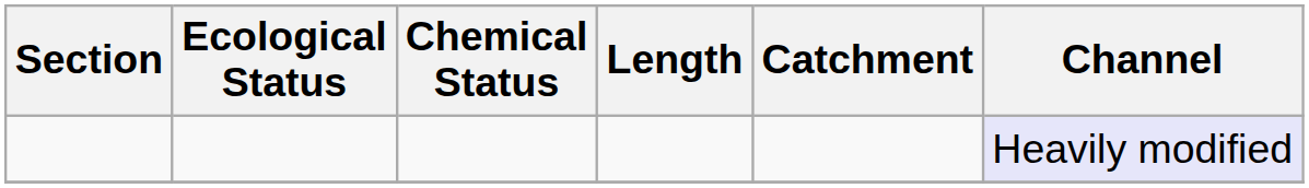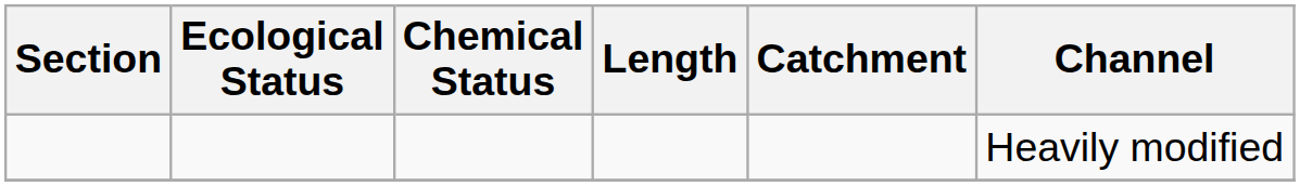 <table class="wikitable">
 <tr>
 <th>Section</th>
 <th>Ecological<br>Status</th>
 <th>Chemical<br>Status</th>
 <th>Length</th>
 <th>Catchment</th>
 <th>Channel</th>
 </tr>
 <tr>
 <td></td>
 <td></td>
 <td></td>
 <td></td>
 <td></td>
-<td style="background: lavender;">Heavily modified</td>
+<td>Heavily modified</td>
 </tr>
 <tr>
 </tr>
 </table>
